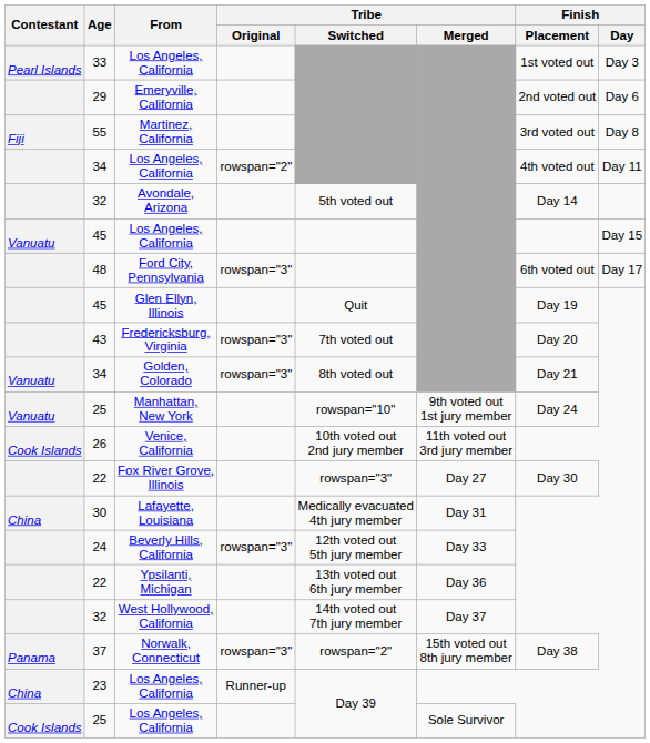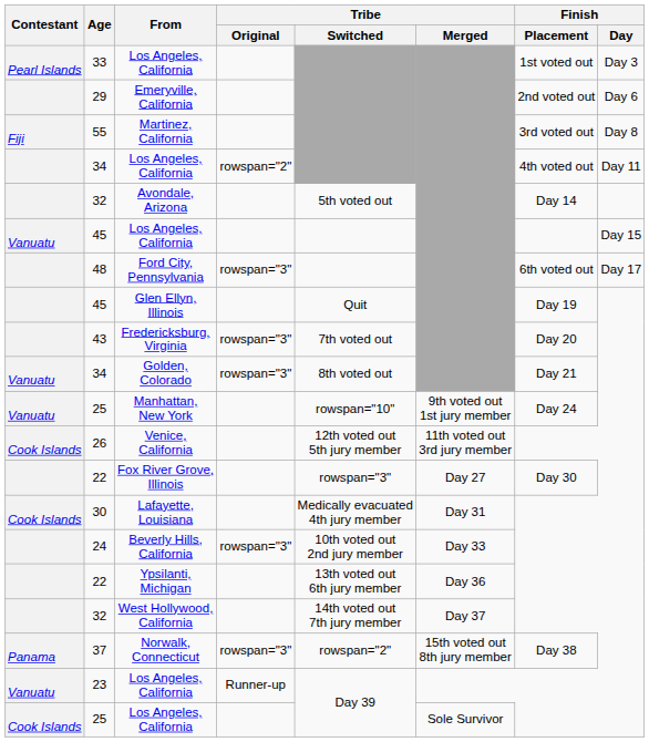 <table class="wikitable sortable" style="margin:auto; text-align:center">
 <tr>
 <th rowspan="2" scope="col">Contestant</th>
 <th rowspan="2" scope="col">Age</th>
 <th rowspan="2" scope="col" class=unsortable>From</th>
 <th colspan="3" scope="colgroup">Tribe</th>
 <th colspan="2" scope="colgroup">Finish</th>
 </tr>
 <tr>
 <th scope="col">Original</th>
 <th scope="col">Switched</th>
 <th scope="col" class=unsortable>Merged</th>
 <th scope="col" class=unsortable>Placement</th>
 <th scope="col" class=unsortable>Day</th>
 </tr>
 <tr>
 <th scope="row" style="text-align:left;font-weight:normal"><br><em><a href='#'>Pearl Islands</a></em></th>
 <td>33</td>
 <td><a href='#'>Los Angeles,<br>California</a></td>
 <td></td>
 <td rowspan="4" bgcolor="darkgray"></td>
 <td rowspan="10" bgcolor="darkgray"></td>
 <td>1st voted out</td>
 <td>Day 3</td>
 </tr>
 <tr>
 <th scope="row" style=text-align:left></th>
 <td>29</td>
 <td><a href='#'>Emeryville,<br>California</a></td>
 <td></td>
 <td>2nd voted out</td>
 <td>Day 6</td>
 </tr>
 <tr>
 <th scope="row" style="text-align:left;font-weight:normal"><strong></strong><br><em><a href='#'>Fiji</a></em></th>
 <td>55</td>
 <td><a href='#'>Martinez,<br>California</a></td>
 <td></td>
 <td>3rd voted out</td>
 <td>Day 8</td>
 </tr>
 <tr>
 <th scope="row" style=text-align:left></th>
 <td>34</td>
 <td><a href='#'>Los Angeles,<br>California</a></td>
 <td>rowspan="2" </td>
 <td>4th voted out</td>
 <td>Day 11</td>
 </tr>
 <tr>
 <th scope="row" style=text-align:left></th>
 <td>32</td>
 <td><a href='#'>Avondale,<br>Arizona</a></td>
 <td></td>
 <td>5th voted out</td>
 <td>Day 14</td>
 </tr>
 <tr>
 <th scope="row" style="text-align:left;font-weight:normal"><strong></strong><br><em><a href='#'>Vanuatu</a></em></th>
 <td>45</td>
 <td><a href='#'>Los Angeles,<br>California</a></td>
 <td></td>
 <td></td>
 <td></td>
 <td>Day 15</td>
 </tr>
 <tr>
 <th scope="row" style=text-align:left></th>
 <td>48</td>
 <td><a href='#'>Ford City,<br>Pennsylvania</a></td>
 <td>rowspan="3" </td>
 <td></td>
 <td>6th voted out</td>
 <td>Day 17</td>
 </tr>
 <tr>
 <th scope="row" style=text-align:left></th>
 <td>45</td>
 <td><a href='#'>Glen Ellyn,<br>Illinois</a></td>
 <td></td>
 <td>Quit</td>
 <td>Day 19</td>
 </tr>
 <tr>
 <th scope="row" style=text-align:left></th>
 <td>43</td>
 <td><a href='#'>Fredericksburg,<br>Virginia</a></td>
 <td>rowspan="3" </td>
 <td>7th voted out</td>
 <td>Day 20</td>
 </tr>
 <tr>
 <th scope="row" style="text-align:left;font-weight:normal"><strong></strong><br><em><a href='#'>Vanuatu</a></em></th>
 <td>34</td>
 <td><a href='#'>Golden,<br>Colorado</a></td>
 <td>rowspan="3" </td>
 <td>8th voted out</td>
 <td>Day 21</td>
 </tr>
 <tr>
 <th scope="row" style="text-align:left;font-weight:normal"><strong></strong><br><em><a href='#'>Vanuatu</a></em></th>
 <td>25</td>
 <td><a href='#'>Manhattan,<br>New York</a></td>
 <td></td>
 <td>rowspan="10" </td>
 <td>9th voted out<br>1st jury member</td>
 <td>Day 24</td>
 </tr>
 <tr>
 <th scope="row" style="text-align:left;font-weight:normal"><strong></strong><br><em><a href='#'>Cook Islands</a></em></th>
 <td>26</td>
 <td><a href='#'>Venice,<br>California</a></td>
 <td></td>
-<td>10th voted out<br>2nd jury member</td>
+<td>12th voted out<br>5th jury member</td>
 <td>11th voted out<br>3rd jury member</td>
 </tr>
 <tr>
 <th scope="row" style=text-align:left></th>
 <td>22</td>
 <td><a href='#'>Fox River Grove,<br>Illinois</a></td>
 <td></td>
 <td>rowspan="3" </td>
 <td>Day 27</td>
 <td>Day 30</td>
 </tr>
 <tr>
-<th scope="row" style="text-align:left;font-weight:normal"><strong></strong><br><em><a href='#'>China</a></em></th>
+<th scope="row" style="text-align:left;font-weight:normal"><strong></strong><br><em><a href='#'>Cook Islands</a></em></th>
 <td>30</td>
 <td><a href='#'>Lafayette,<br>Louisiana</a></td>
 <td></td>
 <td>Medically evacuated<br>4th jury member</td>
 <td>Day 31</td>
 </tr>
 <tr>
 <th scope="row" style=text-align:left></th>
 <td>24</td>
 <td><a href='#'>Beverly Hills,<br>California</a></td>
 <td>rowspan="3" </td>
-<td>12th voted out<br>5th jury member</td>
+<td>10th voted out<br>2nd jury member</td>
 <td>Day 33</td>
 </tr>
 <tr>
 <th scope="row" style=text-align:left></th>
 <td>22</td>
 <td><a href='#'>Ypsilanti,<br>Michigan</a></td>
 <td></td>
 <td>13th voted out<br>6th jury member</td>
 <td>Day 36</td>
 </tr>
 <tr>
 <th scope="row" style=text-align:left></th>
 <td>32</td>
 <td><a href='#'>West Hollywood,<br>California</a></td>
 <td></td>
 <td>14th voted out<br>7th jury member</td>
 <td>Day 37</td>
 </tr>
 <tr>
 <th scope="row" style="text-align:left;font-weight:normal"><strong></strong><br><em><a href='#'>Panama</a></em></th>
 <td>37</td>
 <td><a href='#'>Norwalk,<br>Connecticut</a></td>
 <td>rowspan="3" </td>
 <td>rowspan="2" </td>
 <td>15th voted out<br>8th jury member</td>
 <td>Day 38</td>
 </tr>
 <tr>
-<th scope="row" style="text-align:left;font-weight:normal"><strong></strong><br><em><a href='#'>China</a></em></th>
+<th scope="row" style="text-align:left;font-weight:normal"><strong></strong><br><em><a href='#'>Vanuatu</a></em></th>
 <td>23</td>
 <td><a href='#'>Los Angeles,<br>California</a></td>
 <td>Runner-up</td>
 <td rowspan="2">Day 39</td>
 </tr>
 <tr>
 <th scope="row" style="text-align:left;font-weight:normal"><strong></strong><br><em><a href='#'>Cook Islands</a></em></th>
 <td>25</td>
 <td><a href='#'>Los Angeles,<br>California</a></td>
 <td></td>
 <td>Sole Survivor</td>
 </tr>
 </table>
